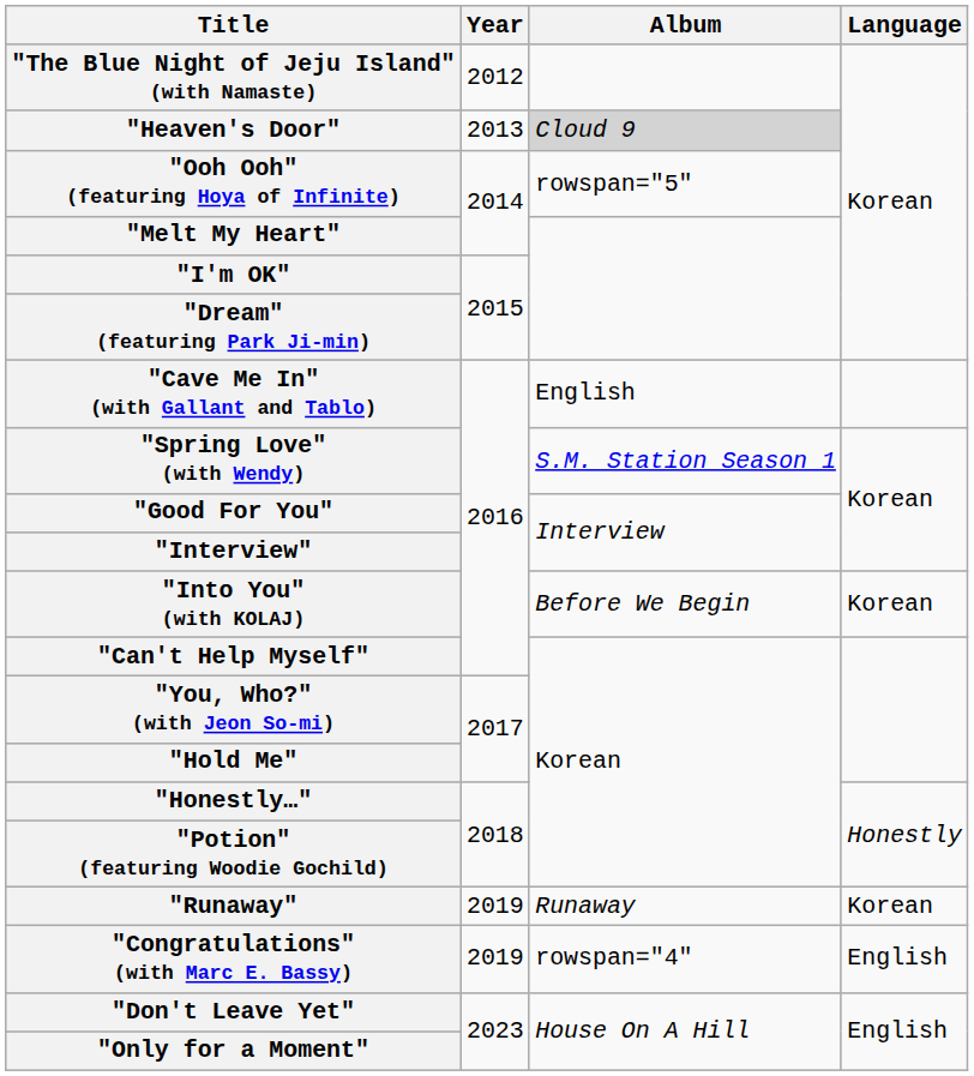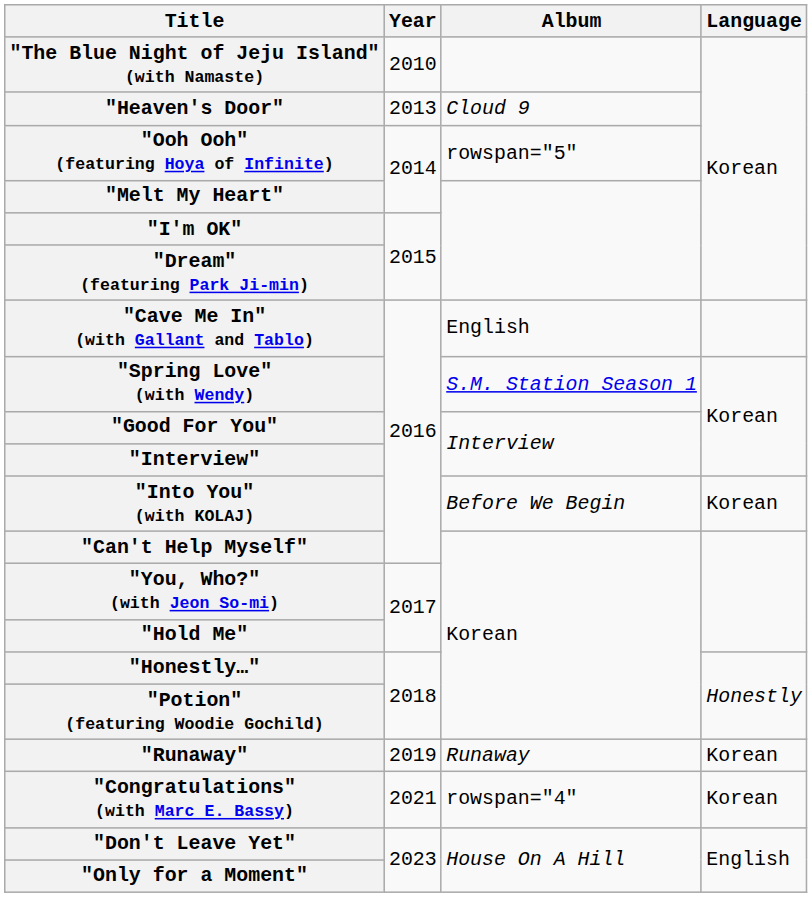 <table class="wikitable plainrowheaders">
 <tr>
 <th>Title</th>
 <th>Year</th>
 <th>Album</th>
 <th>Language</th>
 </tr>
 <tr>
 <th scope="row">"The Blue Night of Jeju Island"<br><small>(with Namaste)</small></th>
-<td>2012</td>
+<td>2010</td>
 <td></td>
 <td rowspan="6">Korean</td>
 </tr>
 <tr>
 <th scope="row">"Heaven's Door"</th>
 <td>2013</td>
-<td style="background: lightgrey;"><em>Cloud 9</em></td>
+<td><em>Cloud 9</em></td>
 </tr>
 <tr>
 <th scope="row">"Ooh Ooh"<br><small>(featuring <a href='#'>Hoya</a> of <a href='#'>Infinite</a>)</small></th>
 <td rowspan="2">2014</td>
 <td>rowspan="5" </td>
 </tr>
 <tr>
 <th scope="row">"Melt My Heart"</th>
 </tr>
 <tr>
 <th scope="row">"I'm OK"</th>
 <td rowspan="2">2015</td>
 </tr>
 <tr>
 <th scope="row">"Dream"<br><small>(featuring <a href='#'>Park Ji-min</a>)</small></th>
 </tr>
 <tr>
 <th scope="row">"Cave Me In"<br><small>(with <a href='#'>Gallant</a> and <a href='#'>Tablo</a>)</small></th>
 <td rowspan="6">2016</td>
 <td>English</td>
 </tr>
 <tr>
 <th scope="row">"Spring Love"<br><small>(with <a href='#'>Wendy</a>)</small></th>
 <td><a href='#'><em>S.M. Station Season 1</em></a></td>
 <td rowspan="3">Korean</td>
 </tr>
 <tr>
 <th scope="row">"Good For You"</th>
 <td rowspan="2"><em>Interview</em></td>
 </tr>
 <tr>
 <th scope="row">"Interview"</th>
 </tr>
 <tr>
 <th scope="row">"Into You"<br><small>(with KOLAJ)</small></th>
 <td rowspan="1"><em>Before We Begin</em></td>
 <td>Korean</td>
 </tr>
 <tr>
 <th scope="row">"Can't Help Myself"</th>
 <td rowspan="5">Korean</td>
 </tr>
 <tr>
 <th scope="row">"You, Who?"<br><small>(with <a href='#'>Jeon So-mi</a>)</small></th>
 <td rowspan="2">2017</td>
 </tr>
 <tr>
 <th scope="row">"Hold Me"</th>
 </tr>
 <tr>
 <th scope="row">"Honestly…"</th>
 <td rowspan="2">2018</td>
 <td rowspan="2"><em>Honestly</em></td>
 </tr>
 <tr>
 <th scope="row">"Potion"<br><small>(featuring Woodie Gochild)</small></th>
 </tr>
 <tr>
 <th scope="row">"Runaway"</th>
 <td>2019</td>
 <td><em>Runaway</em></td>
 <td>Korean</td>
 </tr>
 <tr>
 <th scope="row">"Congratulations"<br><small>(with <a href='#'>Marc E. Bassy</a>)</small></th>
-<td rowspan="1">2019</td>
+<td rowspan="1">2021</td>
 <td>rowspan="4" </td>
-<td>English</td>
+<td>Korean</td>
 </tr>
 <tr>
 <th scope="row">"Don't Leave Yet"</th>
 <td rowspan="2">2023</td>
 <td rowspan="2"><em>House On A Hill</em></td>
 <td rowspan="2">English</td>
 </tr>
 <tr>
 <th scope="row">"Only for a Moment"</th>
 </tr>
 </table>
